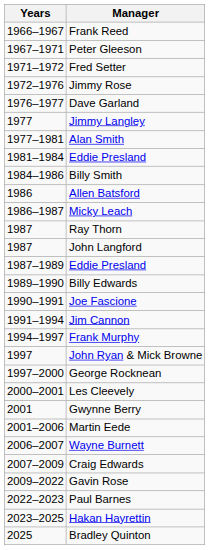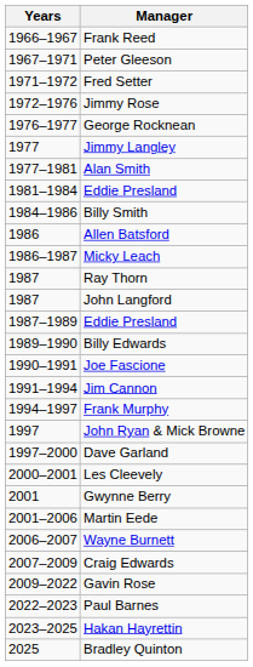 <table class=wikitable>
 <tr>
 <th>Years</th>
 <th>Manager</th>
 </tr>
 <tr>
 <td>1966–1967</td>
 <td>Frank Reed</td>
 </tr>
 <tr>
 <td>1967–1971</td>
 <td>Peter Gleeson</td>
 </tr>
 <tr>
 <td>1971–1972</td>
 <td>Fred Setter</td>
 </tr>
 <tr>
 <td>1972–1976</td>
 <td>Jimmy Rose</td>
 </tr>
 <tr>
 <td>1976–1977</td>
-<td>Dave Garland</td>
+<td>George Rocknean</td>
 </tr>
 <tr>
 <td>1977</td>
 <td><a href='#'>Jimmy Langley</a></td>
 </tr>
 <tr>
 <td>1977–1981</td>
 <td><a href='#'>Alan Smith</a></td>
 </tr>
 <tr>
 <td>1981–1984</td>
 <td><a href='#'>Eddie Presland</a></td>
 </tr>
 <tr>
 <td>1984–1986</td>
 <td>Billy Smith</td>
 </tr>
 <tr>
 <td>1986</td>
 <td><a href='#'>Allen Batsford</a></td>
 </tr>
 <tr>
 <td>1986–1987</td>
 <td><a href='#'>Micky Leach</a></td>
 </tr>
 <tr>
 <td>1987</td>
 <td>Ray Thorn</td>
 </tr>
 <tr>
 <td>1987</td>
 <td>John Langford</td>
 </tr>
 <tr>
 <td>1987–1989</td>
 <td><a href='#'>Eddie Presland</a></td>
 </tr>
 <tr>
 <td>1989–1990</td>
 <td>Billy Edwards</td>
 </tr>
 <tr>
 <td>1990–1991</td>
 <td><a href='#'>Joe Fascione</a></td>
 </tr>
 <tr>
 <td>1991–1994</td>
 <td><a href='#'>Jim Cannon</a></td>
 </tr>
 <tr>
 <td>1994–1997</td>
 <td><a href='#'>Frank Murphy</a></td>
 </tr>
 <tr>
 <td>1997</td>
 <td><a href='#'>John Ryan</a> & Mick Browne</td>
 </tr>
 <tr>
 <td>1997–2000</td>
-<td>George Rocknean</td>
+<td>Dave Garland</td>
 </tr>
 <tr>
 <td>2000–2001</td>
 <td>Les Cleevely</td>
 </tr>
 <tr>
 <td>2001</td>
 <td>Gwynne Berry</td>
 </tr>
 <tr>
 <td>2001–2006</td>
 <td>Martin Eede</td>
 </tr>
 <tr>
 <td>2006–2007</td>
 <td><a href='#'>Wayne Burnett</a></td>
 </tr>
 <tr>
 <td>2007–2009</td>
 <td>Craig Edwards</td>
 </tr>
 <tr>
 <td>2009–2022</td>
 <td>Gavin Rose</td>
 </tr>
 <tr>
 <td>2022–2023</td>
 <td>Paul Barnes</td>
 </tr>
 <tr>
 <td>2023–2025</td>
 <td><a href='#'>Hakan Hayrettin</a></td>
 </tr>
 <tr>
 <td>2025</td>
 <td>Bradley Quinton</td>
 </tr>
 </table>
